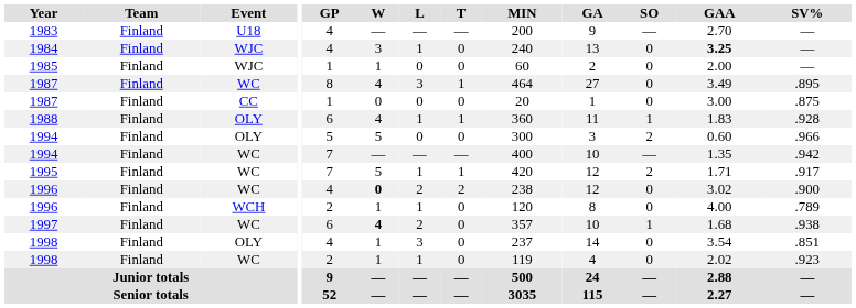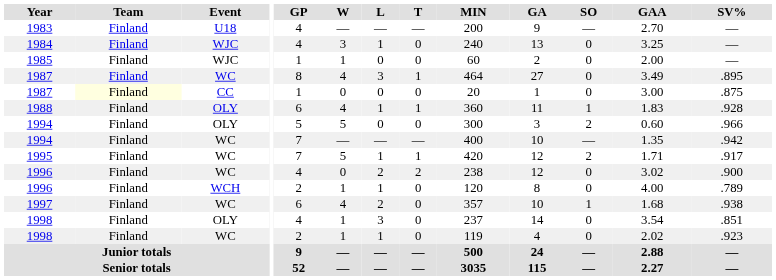 <table border="0" cellpadding="1" cellspacing="0" ID="Table3" style="text-align:center; width:60em">
 <tr ALIGN="center" bgcolor="#e0e0e0">
 <th>Year</th>
 <th>Team</th>
 <th>Event</th>
 <th rowspan="99" bgcolor="#ffffff"></th>
 <th>GP</th>
 <th>W</th>
 <th>L</th>
 <th>T</th>
 <th>MIN</th>
 <th>GA</th>
 <th>SO</th>
 <th>GAA</th>
 <th>SV%</th>
 </tr>
 <tr>
 <td><a href='#'>1983</a></td>
 <td><a href='#'>Finland</a></td>
 <td><a href='#'>U18</a></td>
 <td>4</td>
 <td>—</td>
 <td>—</td>
 <td>—</td>
 <td>200</td>
 <td>9</td>
 <td>—</td>
 <td>2.70</td>
 <td>—</td>
 </tr>
 <tr bgcolor="#f0f0f0">
 <td><a href='#'>1984</a></td>
 <td><a href='#'>Finland</a></td>
 <td><a href='#'>WJC</a></td>
 <td>4</td>
 <td>3</td>
 <td>1</td>
 <td>0</td>
 <td>240</td>
 <td>13</td>
 <td>0</td>
-<td><strong>3.25</strong></td>
+<td>3.25</td>
 <td>—</td>
 </tr>
 <tr>
 <td><a href='#'>1985</a></td>
 <td>Finland</td>
 <td>WJC</td>
 <td>1</td>
 <td>1</td>
 <td>0</td>
 <td>0</td>
 <td>60</td>
 <td>2</td>
 <td>0</td>
 <td>2.00</td>
 <td>—</td>
 </tr>
 <tr bgcolor="#f0f0f0">
 <td><a href='#'>1987</a></td>
 <td><a href='#'>Finland</a></td>
 <td><a href='#'>WC</a></td>
 <td>8</td>
 <td>4</td>
 <td>3</td>
 <td>1</td>
 <td>464</td>
 <td>27</td>
 <td>0</td>
 <td>3.49</td>
 <td>.895</td>
 </tr>
 <tr>
 <td><a href='#'>1987</a></td>
-<td>Finland</td>
+<td style="background: lightyellow;">Finland</td>
 <td><a href='#'>CC</a></td>
 <td>1</td>
 <td>0</td>
 <td>0</td>
 <td>0</td>
 <td>20</td>
 <td>1</td>
 <td>0</td>
 <td>3.00</td>
 <td>.875</td>
 </tr>
 <tr bgcolor="#f0f0f0">
 <td><a href='#'>1988</a></td>
 <td>Finland</td>
 <td><a href='#'>OLY</a></td>
 <td>6</td>
 <td>4</td>
 <td>1</td>
 <td>1</td>
 <td>360</td>
 <td>11</td>
 <td>1</td>
 <td>1.83</td>
 <td>.928</td>
 </tr>
 <tr>
 <td><a href='#'>1994</a></td>
 <td>Finland</td>
 <td>OLY</td>
 <td>5</td>
 <td>5</td>
 <td>0</td>
 <td>0</td>
 <td>300</td>
 <td>3</td>
 <td>2</td>
 <td>0.60</td>
 <td>.966</td>
 </tr>
 <tr bgcolor="#f0f0f0">
 <td><a href='#'>1994</a></td>
 <td>Finland</td>
 <td>WC</td>
 <td>7</td>
 <td>—</td>
 <td>—</td>
 <td>—</td>
 <td>400</td>
 <td>10</td>
 <td>—</td>
 <td>1.35</td>
 <td>.942</td>
 </tr>
 <tr>
 <td><a href='#'>1995</a></td>
 <td>Finland</td>
 <td>WC</td>
 <td>7</td>
 <td>5</td>
 <td>1</td>
 <td>1</td>
 <td>420</td>
 <td>12</td>
 <td>2</td>
 <td>1.71</td>
 <td>.917</td>
 </tr>
 <tr bgcolor="#f0f0f0">
 <td><a href='#'>1996</a></td>
 <td>Finland</td>
 <td>WC</td>
 <td>4</td>
-<td><strong>0</strong></td>
+<td>0</td>
 <td>2</td>
 <td>2</td>
 <td>238</td>
 <td>12</td>
 <td>0</td>
 <td>3.02</td>
 <td>.900</td>
 </tr>
 <tr>
 <td><a href='#'>1996</a></td>
 <td>Finland</td>
 <td><a href='#'>WCH</a></td>
 <td>2</td>
 <td>1</td>
 <td>1</td>
 <td>0</td>
 <td>120</td>
 <td>8</td>
 <td>0</td>
 <td>4.00</td>
 <td>.789</td>
 </tr>
 <tr bgcolor="#f0f0f0">
 <td><a href='#'>1997</a></td>
 <td>Finland</td>
 <td>WC</td>
 <td>6</td>
-<td><strong>4</strong></td>
+<td>4</td>
 <td>2</td>
 <td>0</td>
 <td>357</td>
 <td>10</td>
 <td>1</td>
 <td>1.68</td>
 <td>.938</td>
 </tr>
 <tr>
 <td><a href='#'>1998</a></td>
 <td>Finland</td>
 <td>OLY</td>
 <td>4</td>
 <td>1</td>
 <td>3</td>
 <td>0</td>
 <td>237</td>
 <td>14</td>
 <td>0</td>
 <td>3.54</td>
 <td>.851</td>
 </tr>
 <tr bgcolor="#f0f0f0">
 <td><a href='#'>1998</a></td>
 <td>Finland</td>
 <td>WC</td>
 <td>2</td>
 <td>1</td>
 <td>1</td>
 <td>0</td>
 <td>119</td>
 <td>4</td>
 <td>0</td>
 <td>2.02</td>
 <td>.923</td>
 </tr>
 <tr bgcolor="#e0e0e0">
 <th colspan=3>Junior totals</th>
 <th>9</th>
 <th>—</th>
 <th>—</th>
 <th>—</th>
 <th>500</th>
 <th>24</th>
 <th>—</th>
 <th>2.88</th>
 <th>—</th>
 </tr>
 <tr bgcolor="#e0e0e0">
 <th colspan=3>Senior totals</th>
 <th>52</th>
 <th>—</th>
 <th>—</th>
 <th>—</th>
 <th>3035</th>
 <th>115</th>
 <th>—</th>
 <th>2.27</th>
 <th>—</th>
 </tr>
 </table>
